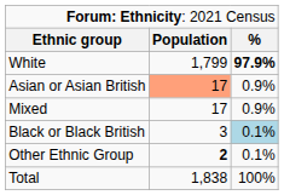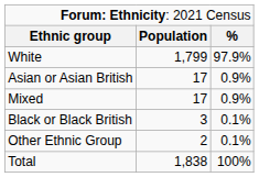 <table class="wikitable">
 <tr>
 <td colspan="14" style="text-align:right;"><strong>Forum: Ethnicity</strong>: 2021 Census</td>
 </tr>
 <tr>
 <th>Ethnic group</th>
 <th>Population</th>
 <th>%</th>
 </tr>
 <tr>
 <td>White</td>
 <td style="text-align:right;">1,799</td>
-<td style="text-align:right;"><strong>97.9%</strong></td>
+<td style="text-align:right;">97.9%</td>
 </tr>
 <tr>
 <td>Asian or Asian British</td>
-<td style="background: lightsalmon; text-align:right;">17</td>
+<td style="text-align:right;">17</td>
 <td style="text-align:right;">0.9%</td>
 </tr>
 <tr>
 <td>Mixed</td>
 <td style="text-align:right;">17</td>
 <td style="text-align:right;">0.9%</td>
 </tr>
 <tr>
 <td>Black or Black British</td>
 <td style="text-align:right;">3</td>
-<td style="background: lightblue; text-align:right;">0.1%</td>
+<td style="text-align:right;">0.1%</td>
 </tr>
 <tr>
 <td>Other Ethnic Group</td>
-<td style="text-align:right;"><strong>2</strong></td>
+<td style="text-align:right;">2</td>
 <td style="text-align:right;">0.1%</td>
 </tr>
 <tr>
 <td>Total</td>
 <td style="text-align:right;">1,838</td>
 <td style="text-align:right;">100%</td>
 </tr>
 </table>
